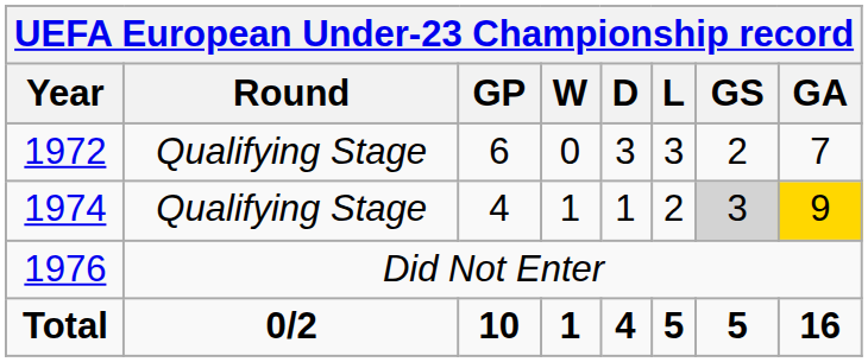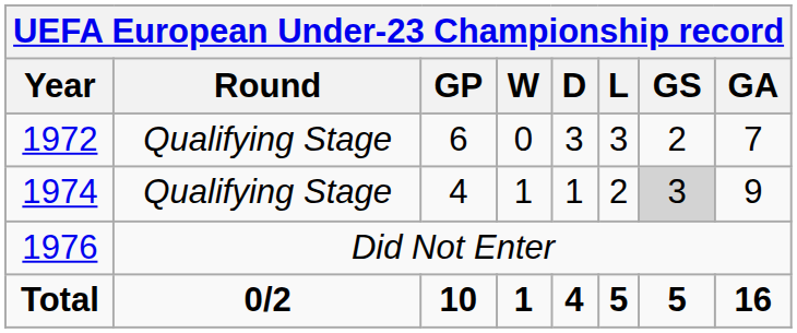 <table class="wikitable" style="text-align: center;">
 <tr>
 <th colspan=8><a href='#'>UEFA European Under-23 Championship record</a></th>
 </tr>
 <tr>
 <th>Year</th>
 <th>Round</th>
 <th>GP</th>
 <th>W</th>
 <th>D</th>
 <th>L</th>
 <th>GS</th>
 <th>GA</th>
 </tr>
 <tr>
 <td><a href='#'>1972</a></td>
 <td><em>Qualifying Stage</em></td>
 <td>6</td>
 <td>0</td>
 <td>3</td>
 <td>3</td>
 <td>2</td>
 <td>7</td>
 </tr>
 <tr>
 <td><a href='#'>1974</a></td>
 <td><em>Qualifying Stage</em></td>
 <td>4</td>
 <td>1</td>
 <td>1</td>
 <td>2</td>
 <td style="background: lightgrey;">3</td>
-<td style="background: gold;">9</td>
+<td>9</td>
 </tr>
 <tr>
 <td><a href='#'>1976</a></td>
 <td colspan=7 rowspan="1"><em>Did Not Enter</em></td>
 </tr>
 <tr>
 <td><strong>Total</strong></td>
 <td><strong>0/2</strong></td>
 <td><strong>10</strong></td>
 <td><strong>1</strong></td>
 <td><strong>4</strong></td>
 <td><strong>5</strong></td>
 <td><strong>5</strong></td>
 <td><strong>16</strong></td>
 </tr>
 </table>
